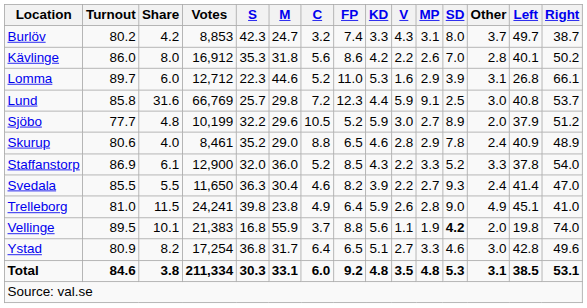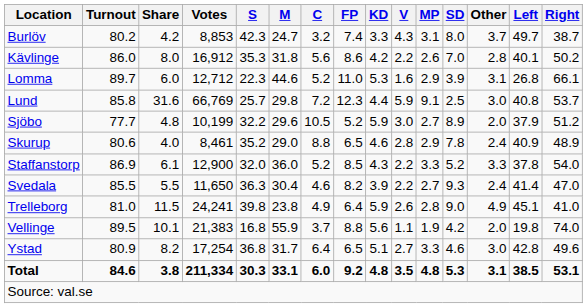 <table class="wikitable sortable" style=text-align:right>
 <tr>
 <th>Location</th>
 <th>Turnout</th>
 <th>Share</th>
 <th>Votes</th>
 <th><a href='#'>S</a></th>
 <th><a href='#'>M</a></th>
 <th><a href='#'>C</a></th>
 <th><a href='#'>FP</a></th>
 <th><a href='#'>KD</a></th>
 <th><a href='#'>V</a></th>
 <th><a href='#'>MP</a></th>
 <th><a href='#'>SD</a></th>
 <th>Other</th>
 <th><a href='#'>Left</a></th>
 <th><a href='#'>Right</a></th>
 </tr>
 <tr>
 <td align=left><a href='#'>Burlöv</a></td>
 <td>80.2</td>
 <td>4.2</td>
 <td>8,853</td>
 <td>42.3</td>
 <td>24.7</td>
 <td>3.2</td>
 <td>7.4</td>
 <td>3.3</td>
 <td>4.3</td>
 <td>3.1</td>
 <td>8.0</td>
 <td>3.7</td>
 <td>49.7</td>
 <td>38.7</td>
 </tr>
 <tr>
 <td align=left><a href='#'>Kävlinge</a></td>
 <td>86.0</td>
 <td>8.0</td>
 <td>16,912</td>
 <td>35.3</td>
 <td>31.8</td>
 <td>5.6</td>
 <td>8.6</td>
 <td>4.2</td>
 <td>2.2</td>
 <td>2.6</td>
 <td>7.0</td>
 <td>2.8</td>
 <td>40.1</td>
 <td>50.2</td>
 </tr>
 <tr>
 <td align=left><a href='#'>Lomma</a></td>
 <td>89.7</td>
 <td>6.0</td>
 <td>12,712</td>
 <td>22.3</td>
 <td>44.6</td>
 <td>5.2</td>
 <td>11.0</td>
 <td>5.3</td>
 <td>1.6</td>
 <td>2.9</td>
 <td>3.9</td>
 <td>3.1</td>
 <td>26.8</td>
 <td>66.1</td>
 </tr>
 <tr>
 <td align=left><a href='#'>Lund</a></td>
 <td>85.8</td>
 <td>31.6</td>
 <td>66,769</td>
 <td>25.7</td>
 <td>29.8</td>
 <td>7.2</td>
 <td>12.3</td>
 <td>4.4</td>
 <td>5.9</td>
 <td>9.1</td>
 <td>2.5</td>
 <td>3.0</td>
 <td>40.8</td>
 <td>53.7</td>
 </tr>
 <tr>
 <td align=left><a href='#'>Sjöbo</a></td>
 <td>77.7</td>
 <td>4.8</td>
 <td>10,199</td>
 <td>32.2</td>
 <td>29.6</td>
 <td>10.5</td>
 <td>5.2</td>
 <td>5.9</td>
 <td>3.0</td>
 <td>2.7</td>
 <td>8.9</td>
 <td>2.0</td>
 <td>37.9</td>
 <td>51.2</td>
 </tr>
 <tr>
 <td align=left><a href='#'>Skurup</a></td>
 <td>80.6</td>
 <td>4.0</td>
 <td>8,461</td>
 <td>35.2</td>
 <td>29.0</td>
 <td>8.8</td>
 <td>6.5</td>
 <td>4.6</td>
 <td>2.8</td>
 <td>2.9</td>
 <td>7.8</td>
 <td>2.4</td>
 <td>40.9</td>
 <td>48.9</td>
 </tr>
 <tr>
 <td align=left><a href='#'>Staffanstorp</a></td>
 <td>86.9</td>
 <td>6.1</td>
 <td>12,900</td>
 <td>32.0</td>
 <td>36.0</td>
 <td>5.2</td>
 <td>8.5</td>
 <td>4.3</td>
 <td>2.2</td>
 <td>3.3</td>
 <td>5.2</td>
 <td>3.3</td>
 <td>37.8</td>
 <td>54.0</td>
 </tr>
 <tr>
 <td align=left><a href='#'>Svedala</a></td>
 <td>85.5</td>
 <td>5.5</td>
 <td>11,650</td>
 <td>36.3</td>
 <td>30.4</td>
 <td>4.6</td>
 <td>8.2</td>
 <td>3.9</td>
 <td>2.2</td>
 <td>2.7</td>
 <td>9.3</td>
 <td>2.4</td>
 <td>41.4</td>
 <td>47.0</td>
 </tr>
 <tr>
 <td align=left><a href='#'>Trelleborg</a></td>
 <td>81.0</td>
 <td>11.5</td>
 <td>24,241</td>
 <td>39.8</td>
 <td>23.8</td>
 <td>4.9</td>
 <td>6.4</td>
 <td>5.9</td>
 <td>2.6</td>
 <td>2.8</td>
 <td>9.0</td>
 <td>4.9</td>
 <td>45.1</td>
 <td>41.0</td>
 </tr>
 <tr>
 <td align=left><a href='#'>Vellinge</a></td>
 <td>89.5</td>
 <td>10.1</td>
 <td>21,383</td>
 <td>16.8</td>
 <td>55.9</td>
 <td>3.7</td>
 <td>8.8</td>
 <td>5.6</td>
 <td>1.1</td>
 <td>1.9</td>
-<td><strong>4.2</strong></td>
+<td>4.2</td>
 <td>2.0</td>
 <td>19.8</td>
 <td>74.0</td>
 </tr>
 <tr>
 <td align=left><a href='#'>Ystad</a></td>
 <td>80.9</td>
 <td>8.2</td>
 <td>17,254</td>
 <td>36.8</td>
 <td>31.7</td>
 <td>6.4</td>
 <td>6.5</td>
 <td>5.1</td>
 <td>2.7</td>
 <td>3.3</td>
 <td>4.6</td>
 <td>3.0</td>
 <td>42.8</td>
 <td>49.6</td>
 </tr>
 <tr>
 <td align=left><strong>Total</strong></td>
 <td><strong>84.6</strong></td>
 <td><strong>3.8</strong></td>
 <td><strong>211,334</strong></td>
 <td><strong>30.3</strong></td>
 <td><strong>33.1</strong></td>
 <td><strong>6.0</strong></td>
 <td><strong>9.2</strong></td>
 <td><strong>4.8</strong></td>
 <td><strong>3.5</strong></td>
 <td><strong>4.8</strong></td>
 <td><strong>5.3</strong></td>
 <td><strong>3.1</strong></td>
 <td><strong>38.5</strong></td>
 <td><strong>53.1</strong></td>
 </tr>
 <tr>
 <td align=left colspan=15>Source: val.se </td>
 </tr>
 </table>
